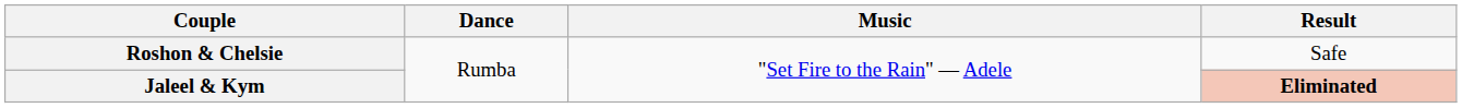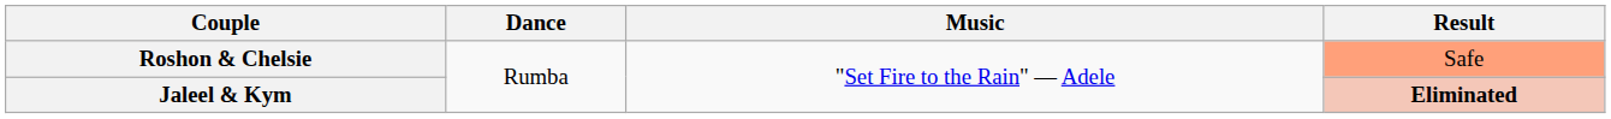 <table class="wikitable unsortable" style="text-align:center; width:90%">
 <tr>
 <th scope="col">Couple</th>
 <th scope="col">Dance</th>
 <th scope="col">Music</th>
 <th scope="col">Result</th>
 </tr>
 <tr>
 <th scope="row">Roshon & Chelsie</th>
 <td rowspan=2>Rumba</td>
 <td rowspan=2>"<a href='#'>Set Fire to the Rain</a>" — <a href='#'>Adele</a></td>
-<td>Safe</td>
+<td style="background: lightsalmon;">Safe</td>
 </tr>
 <tr>
 <th scope="row">Jaleel & Kym</th>
 <td bgcolor=f4c7b8><strong>Eliminated</strong></td>
 </tr>
 </table>
